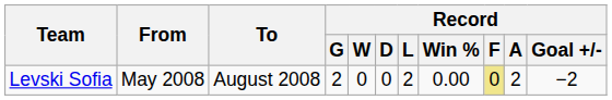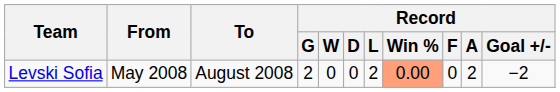 <table class="wikitable" style="text-align: center">
 <tr>
 <th rowspan="2">Team</th>
 <th rowspan="2">From</th>
 <th rowspan="2">To</th>
 <th colspan="8">Record</th>
 </tr>
 <tr>
 <th>G</th>
 <th>W</th>
 <th>D</th>
 <th>L</th>
 <th>Win %</th>
 <th>F</th>
 <th>A</th>
 <th>Goal +/-</th>
 </tr>
 <tr>
 <td><a href='#'>Levski Sofia</a></td>
 <td>May 2008</td>
 <td>August 2008</td>
 <td>2</td>
 <td>0</td>
 <td>0</td>
 <td>2</td>
-<td>0.00</td>
-<td style="background: khaki;">0</td>
+<td style="background: lightsalmon;">0.00</td>
+<td>0</td>
 <td>2</td>
 <td>−2<br></td>
 </tr>
 </table>
